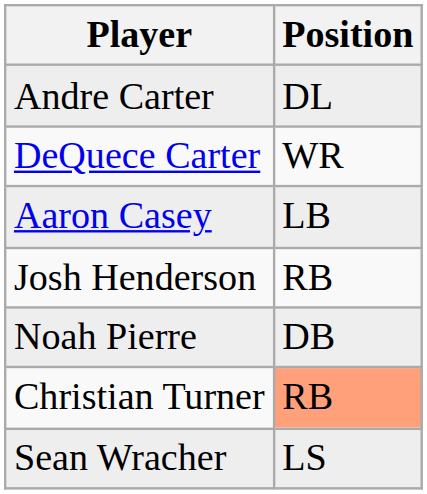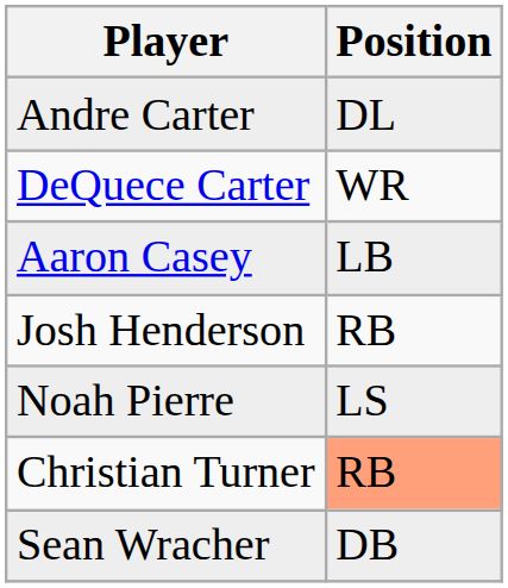 <table class="wikitable" style="text-align:left">
 <tr>
 <th>Player</th>
 <th>Position</th>
 </tr>
 <tr style="background:#eeeeee;">
 <td>Andre Carter</td>
 <td>DL</td>
 </tr>
 <tr>
 <td><a href='#'>DeQuece Carter</a></td>
 <td>WR</td>
 </tr>
 <tr style="background:#eeeeee;">
 <td><a href='#'>Aaron Casey</a></td>
 <td>LB</td>
 </tr>
 <tr>
 <td>Josh Henderson</td>
 <td>RB</td>
 </tr>
 <tr style="background:#eeeeee;">
 <td>Noah Pierre</td>
-<td>DB</td>
+<td>LS</td>
 </tr>
 <tr>
 <td>Christian Turner</td>
 <td style="background: lightsalmon;">RB</td>
 </tr>
 <tr style="background:#eeeeee;">
 <td>Sean Wracher</td>
-<td>LS</td>
+<td>DB</td>
 </tr>
 </table>
